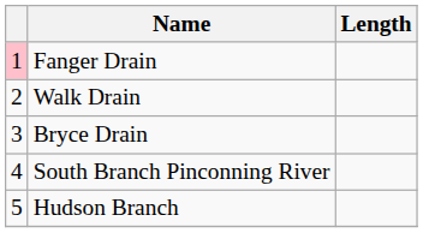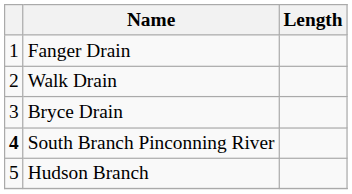 <table class="wikitable sortable" border="1">
 <tr>
 <th></th>
 <th>Name</th>
 <th>Length</th>
 </tr>
 <tr>
-<td style="background: pink;">1</td>
+<td>1</td>
 <td>Fanger Drain</td>
 <td></td>
 </tr>
 <tr>
 <td>2</td>
 <td>Walk Drain</td>
 <td></td>
 </tr>
 <tr>
 <td>3</td>
 <td>Bryce Drain</td>
 <td></td>
 </tr>
 <tr>
-<td>4</td>
+<td><strong>4</strong></td>
 <td>South Branch Pinconning River</td>
 <td></td>
 </tr>
 <tr>
 <td>5</td>
 <td>Hudson Branch</td>
 <td></td>
 </tr>
 <tr>
 </tr>
 </table>
